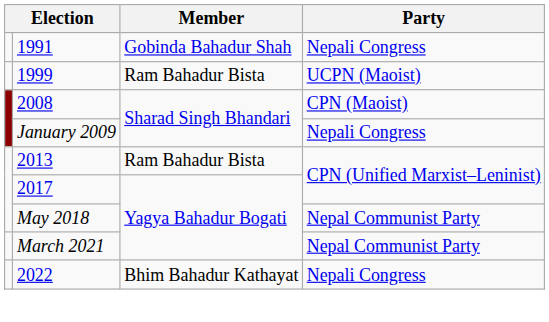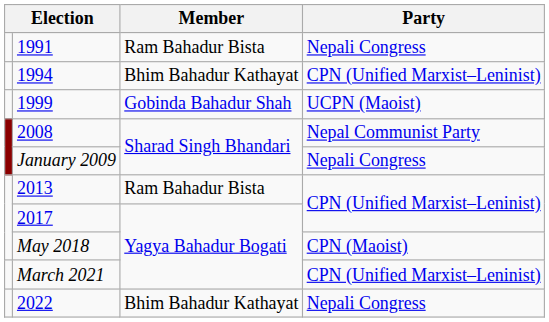 <table class="wikitable">
 <tr>
 <th colspan="2">Election</th>
 <th>Member</th>
 <th>Party</th>
 </tr>
 <tr>
 <td style="background-color:"></td>
 <td><a href='#'>1991</a></td>
-<td><a href='#'>Gobinda Bahadur Shah</a></td>
+<td>Ram Bahadur Bista</td>
 <td><a href='#'>Nepali Congress</a></td>
 </tr>
 <tr>
 <td style="background-color:"></td>
+<td><a href='#'>1994</a></td>
+<td>Bhim Bahadur Kathayat</td>
+<td><a href='#'>CPN (Unified Marxist–Leninist)</a></td>
+</tr>
+<tr>
+<td style="background-color:"></td>
 <td><a href='#'>1999</a></td>
-<td>Ram Bahadur Bista</td>
+<td><a href='#'>Gobinda Bahadur Shah</a></td>
 <td><a href='#'>UCPN (Maoist)</a></td>
 </tr>
 <tr>
 <td rowspan="2" style="background-color:darkred"></td>
 <td><a href='#'>2008</a></td>
 <td rowspan="2"><a href='#'>Sharad Singh Bhandari</a></td>
-<td><a href='#'>CPN (Maoist)</a></td>
+<td><a href='#'>Nepal Communist Party</a></td>
 </tr>
 <tr>
 <td><em>January 2009</em></td>
 <td><a href='#'>Nepali Congress</a></td>
 </tr>
 <tr>
 <td rowspan="3" style="background-color:"></td>
 <td><a href='#'>2013</a></td>
 <td>Ram Bahadur Bista</td>
 <td rowspan="2"><a href='#'>CPN (Unified Marxist–Leninist)</a></td>
 </tr>
 <tr>
 <td><a href='#'>2017</a></td>
 <td rowspan="3"><a href='#'>Yagya Bahadur Bogati</a></td>
 </tr>
 <tr>
 <td><em>May 2018</em></td>
-<td><a href='#'>Nepal Communist Party</a></td>
+<td><a href='#'>CPN (Maoist)</a></td>
 </tr>
 <tr>
 <td></td>
 <td><em>March 2021</em></td>
-<td><a href='#'>Nepal Communist Party</a></td>
+<td><a href='#'>CPN (Unified Marxist–Leninist)</a></td>
 </tr>
 <tr>
 <td style="background-color:"></td>
 <td><a href='#'>2022</a></td>
 <td>Bhim Bahadur Kathayat</td>
 <td><a href='#'>Nepali Congress</a></td>
 </tr>
 </table>
